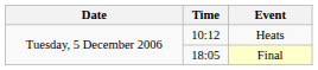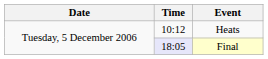 <table class = "wikitable" style="text-align:center;">
 <tr>
 <th width=220>Date</th>
 <th width=50>Time</th>
 <th width=100>Event</th>
 </tr>
 <tr>
 <td rowspan=2>Tuesday, 5 December 2006</td>
 <td>10:12</td>
 <td>Heats</td>
 </tr>
 <tr>
-<td>18:05</td>
+<td style="background: lavender;">18:05</td>
 <td bgcolor=ffffcc>Final</td>
 </tr>
 </table>
